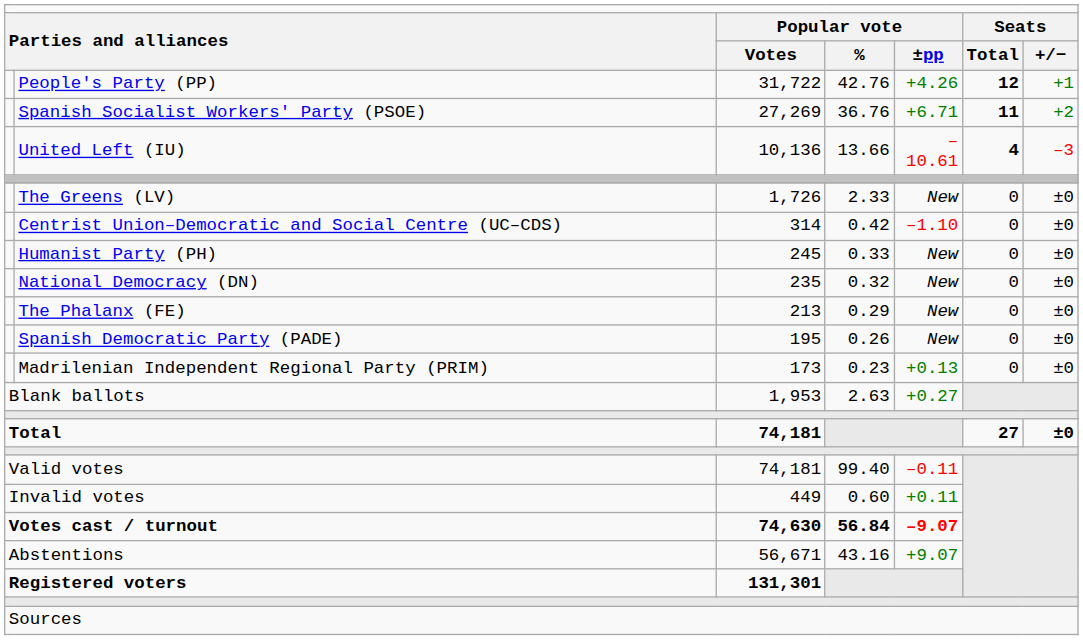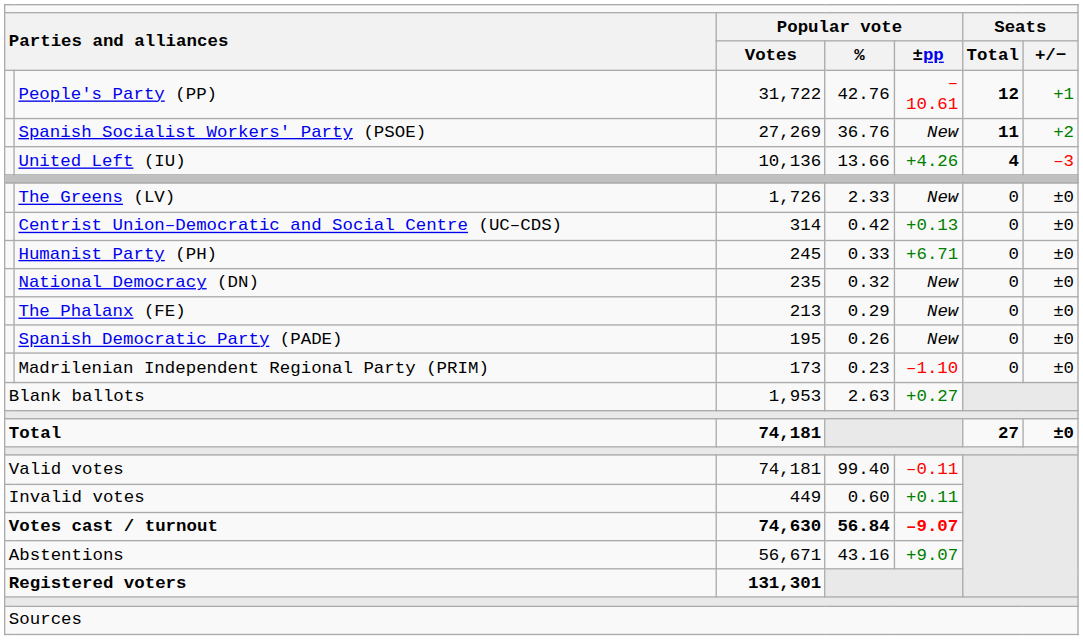 <table class="wikitable" style="text-align:right;">
 <tr>
 <td colspan="7"></td>
 </tr>
 <tr>
 <th style="text-align:left;" rowspan="2" colspan="2" width="525">Parties and alliances</th>
 <th colspan="3">Popular vote</th>
 <th colspan="2">Seats</th>
 </tr>
 <tr>
 <th width="75">Votes</th>
 <th width="45">%</th>
 <th width="45">±<a href='#'>pp</a></th>
 <th width="35">Total</th>
 <th width="35">+/−</th>
 </tr>
 <tr>
 <td width="1" style="color:inherit;background:"></td>
 <td align="left"><a href='#'>People's Party</a> (PP)</td>
 <td>31,722</td>
 <td>42.76</td>
-<td style="color:green;">+4.26</td>
+<td style="color:red;">–10.61</td>
 <td><strong>12</strong></td>
 <td style="color:green;">+1</td>
 </tr>
 <tr>
 <td style="color:inherit;background:"></td>
 <td align="left"><a href='#'>Spanish Socialist Workers' Party</a> (PSOE)</td>
 <td>27,269</td>
 <td>36.76</td>
-<td style="color:green;">+6.71</td>
+<td><em>New</em></td>
 <td><strong>11</strong></td>
 <td style="color:green;">+2</td>
 </tr>
 <tr>
 <td style="color:inherit;background:"></td>
 <td align="left"><a href='#'>United Left</a> (IU)</td>
 <td>10,136</td>
 <td>13.66</td>
-<td style="color:red;">–10.61</td>
+<td style="color:green;">+4.26</td>
 <td><strong>4</strong></td>
 <td style="color:red;">–3</td>
 </tr>
 <tr>
 <td colspan="7" bgcolor="#C0C0C0"></td>
 </tr>
 <tr>
 <td style="color:inherit;background:"></td>
 <td align="left"><a href='#'>The Greens</a> (LV)</td>
 <td>1,726</td>
 <td>2.33</td>
 <td><em>New</em></td>
 <td>0</td>
 <td>±0</td>
 </tr>
 <tr>
 <td style="color:inherit;background:"></td>
 <td align="left"><a href='#'>Centrist Union–Democratic and Social Centre</a> (UC–CDS)</td>
 <td>314</td>
 <td>0.42</td>
-<td style="color:red;">–1.10</td>
+<td style="color:green;">+0.13</td>
 <td>0</td>
 <td>±0</td>
 </tr>
 <tr>
 <td style="color:inherit;background:"></td>
 <td align="left"><a href='#'>Humanist Party</a> (PH)</td>
 <td>245</td>
 <td>0.33</td>
-<td><em>New</em></td>
+<td style="color:green;">+6.71</td>
 <td>0</td>
 <td>±0</td>
 </tr>
 <tr>
 <td style="color:inherit;background:"></td>
 <td align="left"><a href='#'>National Democracy</a> (DN)</td>
 <td>235</td>
 <td>0.32</td>
 <td><em>New</em></td>
 <td>0</td>
 <td>±0</td>
 </tr>
 <tr>
 <td style="color:inherit;background:"></td>
 <td align="left"><a href='#'>The Phalanx</a> (FE)</td>
 <td>213</td>
 <td>0.29</td>
 <td><em>New</em></td>
 <td>0</td>
 <td>±0</td>
 </tr>
 <tr>
 <td style="color:inherit;background:"></td>
 <td align="left"><a href='#'>Spanish Democratic Party</a> (PADE)</td>
 <td>195</td>
 <td>0.26</td>
 <td><em>New</em></td>
 <td>0</td>
 <td>±0</td>
 </tr>
 <tr>
 <td style="color:inherit;background:"></td>
 <td align="left">Madrilenian Independent Regional Party (PRIM)</td>
 <td>173</td>
 <td>0.23</td>
-<td style="color:green;">+0.13</td>
+<td style="color:red;">–1.10</td>
 <td>0</td>
 <td>±0</td>
 </tr>
 <tr>
 <td align="left" colspan="2">Blank ballots</td>
 <td>1,953</td>
 <td>2.63</td>
 <td style="color:green;">+0.27</td>
 <td bgcolor="#E9E9E9" colspan="2"></td>
 </tr>
 <tr>
 <td colspan="7" bgcolor="#E9E9E9"></td>
 </tr>
 <tr style="font-weight:bold;">
 <td align="left" colspan="2">Total</td>
 <td>74,181</td>
 <td bgcolor="#E9E9E9" colspan="2"></td>
 <td>27</td>
 <td>±0</td>
 </tr>
 <tr>
 <td colspan="7" bgcolor="#E9E9E9"></td>
 </tr>
 <tr>
 <td align="left" colspan="2">Valid votes</td>
 <td>74,181</td>
 <td>99.40</td>
 <td style="color:red;">–0.11</td>
 <td bgcolor="#E9E9E9" colspan="2" rowspan="5"></td>
 </tr>
 <tr>
 <td align="left" colspan="2">Invalid votes</td>
 <td>449</td>
 <td>0.60</td>
 <td style="color:green;">+0.11</td>
 </tr>
 <tr style="font-weight:bold;">
 <td align="left" colspan="2">Votes cast / turnout</td>
 <td>74,630</td>
 <td>56.84</td>
 <td style="color:red;">–9.07</td>
 </tr>
 <tr>
 <td align="left" colspan="2">Abstentions</td>
 <td>56,671</td>
 <td>43.16</td>
 <td style="color:green;">+9.07</td>
 </tr>
 <tr style="font-weight:bold;">
 <td align="left" colspan="2">Registered voters</td>
 <td>131,301</td>
 <td bgcolor="#E9E9E9" colspan="2"></td>
 </tr>
 <tr>
 <td colspan="7" bgcolor="#E9E9E9"></td>
 </tr>
 <tr>
 <td align="left" colspan="7">Sources</td>
 </tr>
 </table>
